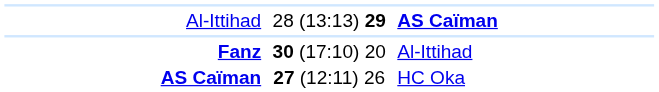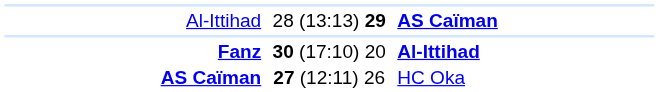 <table style="text-align:center" width=550>
 <tr>
 <th width=30%></th>
 <th width=15%></th>
 <th width=30%></th>
 </tr>
 <tr align="left" bgcolor=#D0E7FF>
 <td colspan=4></td>
 </tr>
 <tr>
 <td align="right"><a href='#'>Al-Ittihad</a> </td>
 <td>28 (13:13) <strong>29</strong></td>
 <td align=left> <strong><a href='#'>AS Caïman</a></strong></td>
 </tr>
 <tr align="left" bgcolor=#D0E7FF>
 <td colspan=4></td>
 </tr>
 <tr>
 <td align="right"><strong><a href='#'>Fanz</a></strong> </td>
 <td><strong>30</strong> (17:10) 20</td>
-<td align=left> <a href='#'>Al-Ittihad</a></td>
+<td align=left><strong> <a href='#'>Al-Ittihad</a></strong></td>
 </tr>
 <tr>
 <td align="right"><strong><a href='#'>AS Caïman</a></strong> </td>
 <td><strong>27</strong> (12:11) 26</td>
 <td align=left> <a href='#'>HC Oka</a></td>
 </tr>
 </table>
